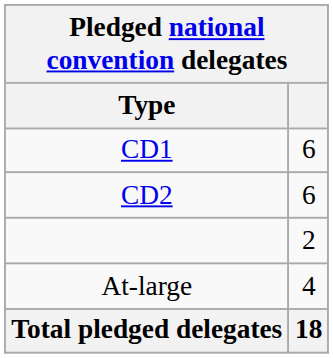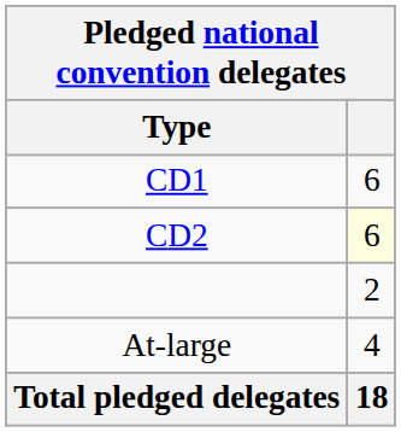 <table class="wikitable sortable" style="font-size:90%;text-align:center;float:none;padding:5px;">
 <tr>
 <th colspan="2">Pledged <a href='#'>national<br>convention</a> delegates</th>
 </tr>
 <tr>
 <th>Type</th>
 <th></th>
 </tr>
 <tr>
 <td><a href='#'>CD1</a></td>
 <td>6</td>
 </tr>
 <tr>
 <td><a href='#'>CD2</a></td>
-<td>6</td>
+<td style="background: lightyellow;">6</td>
 </tr>
 <tr>
 <td></td>
 <td>2</td>
 </tr>
 <tr>
 <td>At-large</td>
 <td>4</td>
 </tr>
 <tr>
 <th>Total pledged delegates</th>
 <th>18</th>
 </tr>
 </table>
